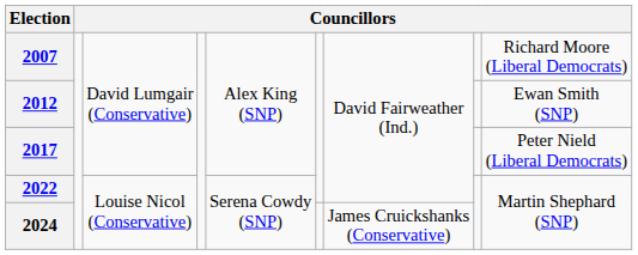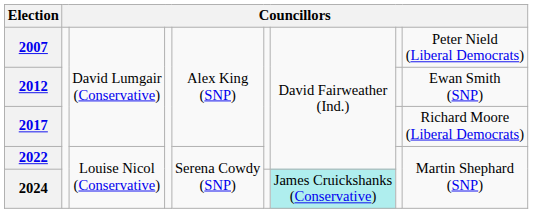 <table class="wikitable" style="text-align:center">
 <tr>
 <th>Election</th>
 <th colspan=8>Councillors</th>
 </tr>
 <tr>
 <th><a href='#'>2007</a></th>
 <td rowspan=5; style="background-color: "></td>
 <td rowspan=3>David Lumgair<br>(<a href='#'>Conservative</a>)</td>
 <td rowspan=5; style="background-color: "></td>
 <td rowspan=3>Alex King<br>(<a href='#'>SNP</a>)</td>
 <td rowspan=4; style="background-color: "></td>
 <td rowspan=4>David Fairweather<br>(Ind.)</td>
 <td rowspan=1; style="background-color: "></td>
-<td rowspan=1>Richard Moore<br>(<a href='#'>Liberal Democrats</a>)</td>
+<td rowspan=1>Peter Nield<br>(<a href='#'>Liberal Democrats</a>)</td>
 </tr>
 <tr>
 <th><a href='#'>2012</a></th>
 <td rowspan=1; style="background-color: "></td>
 <td rowspan=1>Ewan Smith<br>(<a href='#'>SNP</a>)</td>
 </tr>
 <tr>
 <th><a href='#'>2017</a></th>
 <td rowspan=1; style="background-color: "></td>
-<td rowspan=1>Peter Nield<br>(<a href='#'>Liberal Democrats</a>)</td>
+<td rowspan=1>Richard Moore<br>(<a href='#'>Liberal Democrats</a>)</td>
 </tr>
 <tr>
 <th><a href='#'>2022</a></th>
 <td rowspan=2>Louise Nicol<br>(<a href='#'>Conservative</a>)</td>
 <td rowspan=2>Serena Cowdy<br>(<a href='#'>SNP</a>)</td>
 <td rowspan=2; style="background-color: "></td>
 <td rowspan=2>Martin Shephard<br>(<a href='#'>SNP</a>)</td>
 </tr>
 <tr>
 <th>2024</th>
 <td rowspan=1; style="background-color: "></td>
-<td rowspan=1>James Cruickshanks<br>(<a href='#'>Conservative</a>)</td>
+<td rowspan=1 style="background: paleturquoise;">James Cruickshanks<br>(<a href='#'>Conservative</a>)</td>
 </tr>
 </table>
